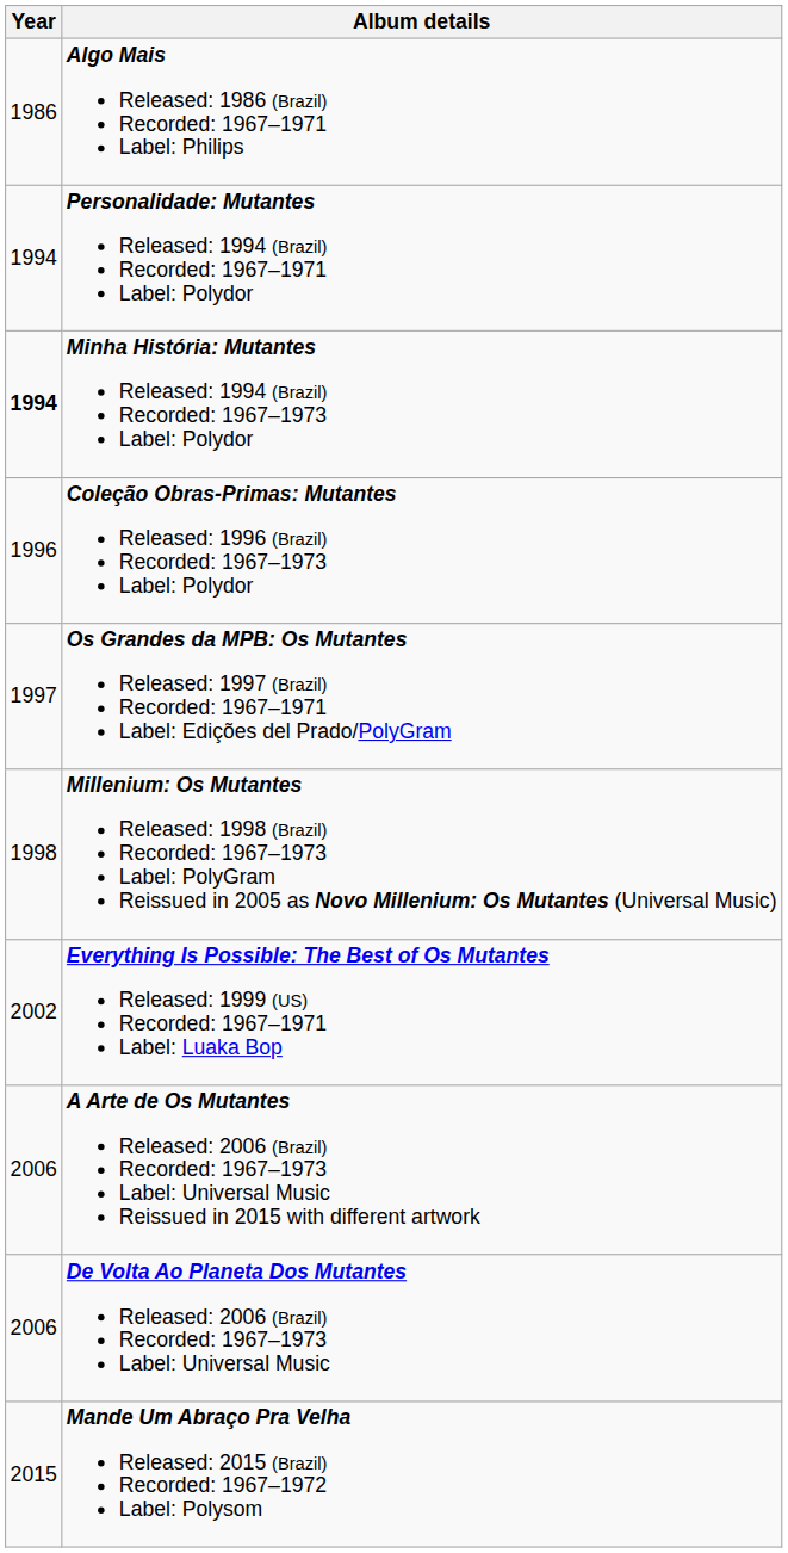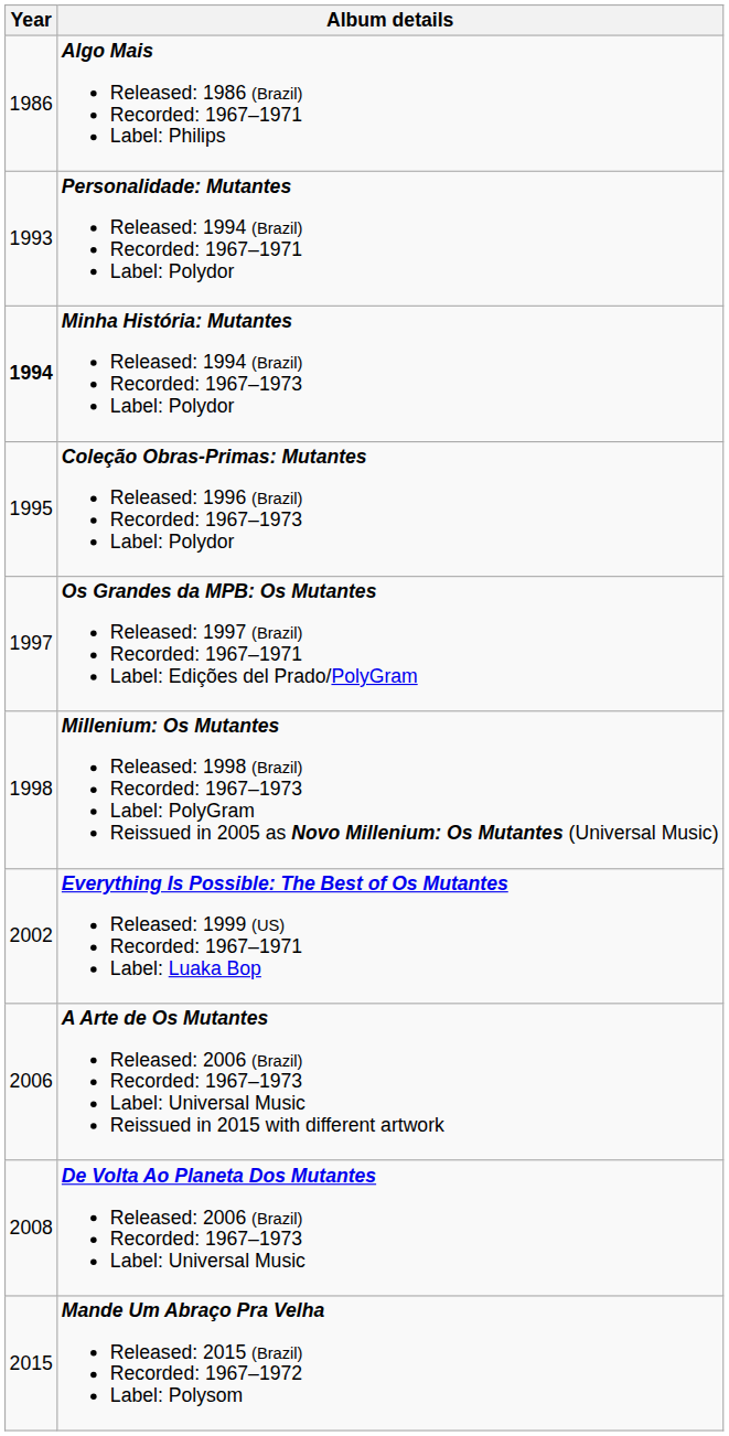 <table class="wikitable">
 <tr>
 <th>Year</th>
 <th>Album details</th>
 </tr>
 <tr>
 <td>1986</td>
 <td><strong><em>Algo Mais</em></strong><br><ul><li>Released: 1986 <small>(Brazil)</small></li><li>Recorded: 1967–1971</li><li>Label: Philips</li></ul></td>
 </tr>
 <tr>
-<td>1994</td>
+<td>1993</td>
 <td><strong><em>Personalidade: Mutantes</em></strong><br><ul><li>Released: 1994 <small>(Brazil)</small></li><li>Recorded: 1967–1971</li><li>Label: Polydor</li></ul></td>
 </tr>
 <tr>
 <td><strong>1994</strong></td>
 <td><strong><em>Minha História: Mutantes</em></strong><br><ul><li>Released: 1994 <small>(Brazil)</small></li><li>Recorded: 1967–1973</li><li>Label: Polydor</li></ul></td>
 </tr>
 <tr>
-<td>1996</td>
+<td>1995</td>
 <td><strong><em>Coleção Obras-Primas: Mutantes</em></strong><br><ul><li>Released: 1996 <small>(Brazil)</small></li><li>Recorded: 1967–1973</li><li>Label: Polydor</li></ul></td>
 </tr>
 <tr>
 <td>1997</td>
 <td><strong><em>Os Grandes da MPB: Os Mutantes</em></strong><br><ul><li>Released: 1997 <small>(Brazil)</small></li><li>Recorded: 1967–1971</li><li>Label: Edições del Prado/<a href='#'>PolyGram</a></li></ul></td>
 </tr>
 <tr>
 <td>1998</td>
 <td><strong><em>Millenium: Os Mutantes</em></strong><br><ul><li>Released: 1998 <small>(Brazil)</small></li><li>Recorded: 1967–1973</li><li>Label: PolyGram</li><li>Reissued in 2005 as <strong><em>Novo Millenium: Os Mutantes</em></strong> (Universal Music)</li></ul></td>
 </tr>
 <tr>
 <td>2002</td>
 <td><strong><em><a href='#'>Everything Is Possible: The Best of Os Mutantes</a></em></strong><br><ul><li>Released: 1999 <small>(US)</small></li><li>Recorded: 1967–1971</li><li>Label: <a href='#'>Luaka Bop</a></li></ul></td>
 </tr>
 <tr>
 <td>2006</td>
 <td><strong><em>A Arte de Os Mutantes</em></strong><br><ul><li>Released: 2006 <small>(Brazil)</small></li><li>Recorded: 1967–1973</li><li>Label: Universal Music</li><li>Reissued in 2015 with different artwork</li></ul></td>
 </tr>
 <tr>
-<td>2006</td>
+<td>2008</td>
 <td><strong><em><a href='#'>De Volta Ao Planeta Dos Mutantes</a></em></strong><br><ul><li>Released: 2006 <small>(Brazil)</small></li><li>Recorded: 1967–1973</li><li>Label: Universal Music</li></ul></td>
 </tr>
 <tr>
 <td>2015</td>
 <td><strong><em>Mande Um Abraço Pra Velha</em></strong><br><ul><li>Released: 2015 <small>(Brazil)</small></li><li>Recorded: 1967–1972</li><li>Label: Polysom</li></ul></td>
 </tr>
 </table>
